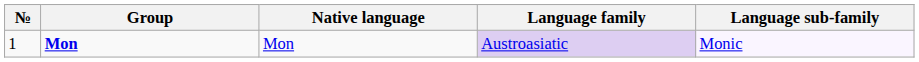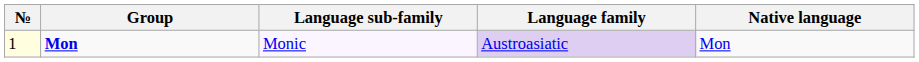 <table class="wikitable sortable" width="100%">
 <tr>
 <th width="4%">№</th>
 <th width="24%">Group</th>
+<th width="24%">Language sub-family</th>
+<th width="24%">Language family</th>
 <th width="24%">Native language</th>
-<th width="24%">Language family</th>
-<th width="24%">Language sub-family</th>
 </tr>
 <tr>
-<td>1</td>
+<td style="background: lightyellow;">1</td>
 <td><strong><a href='#'>Mon</a></strong></td>
+<td style="background:#FAF5FF;"><a href='#'>Monic</a></td>
+<td style="background:#DDCEF2;"><a href='#'>Austroasiatic</a></td>
 <td><a href='#'>Mon</a></td>
-<td style="background:#DDCEF2;"><a href='#'>Austroasiatic</a></td>
-<td style="background:#FAF5FF;"><a href='#'>Monic</a></td>
 </tr>
 </table>
